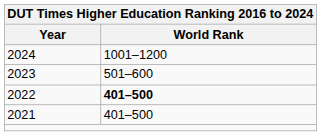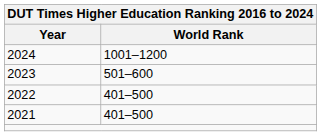 <table class="wikitable">
 <tr>
 <th colspan="2"><strong>DUT Times Higher Education Ranking 2016 to 2024</strong></th>
 </tr>
 <tr>
 <th>Year</th>
 <th>World Rank</th>
 </tr>
 <tr>
 <td>2024</td>
 <td>1001–1200</td>
 </tr>
 <tr>
 <td>2023</td>
 <td>501–600</td>
 </tr>
 <tr>
 <td>2022</td>
-<td><strong>401–500</strong></td>
+<td>401–500</td>
 </tr>
 <tr>
 <td>2021</td>
 <td>401–500</td>
 </tr>
 <tr>
 <td colspan="2"></td>
 </tr>
 </table>
